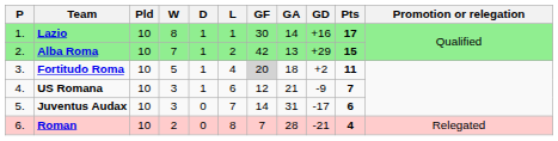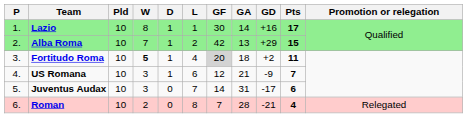 <table class="wikitable sortable" style="text-align: center;">
 <tr>
 <th width=33>P<br></th>
 <th>Team<br></th>
 <th width=33>Pld<br></th>
 <th width=33>W<br></th>
 <th width=33>D<br></th>
 <th width=33>L<br></th>
 <th width=33>GF<br></th>
 <th width=33>GA<br></th>
 <th width=33>GD<br></th>
 <th width=33>Pts<br></th>
 <th class="unsortable" width=250>Promotion or relegation<br></th>
 </tr>
 <tr style="background: #90EE90;">
 <td>1.</td>
 <td align="left"><strong><a href='#'>Lazio</a></strong></td>
 <td>10</td>
 <td>8</td>
 <td>1</td>
 <td>1</td>
 <td>30</td>
 <td>14</td>
 <td>+16</td>
 <td><strong>17</strong></td>
 <td rowspan="2">Qualified</td>
 </tr>
 <tr style="background: #90EE90;">
 <td>2.</td>
 <td align="left"><strong><a href='#'>Alba Roma</a></strong></td>
 <td>10</td>
 <td>7</td>
 <td>1</td>
 <td>2</td>
 <td>42</td>
 <td>13</td>
 <td>+29</td>
 <td><strong>15</strong></td>
 </tr>
 <tr>
 <td>3.</td>
 <td align="left"><strong><a href='#'>Fortitudo Roma</a></strong></td>
 <td>10</td>
-<td>5</td>
+<td><strong>5</strong></td>
 <td>1</td>
 <td>4</td>
 <td style="background: lightgrey;">20</td>
 <td>18</td>
 <td>+2</td>
 <td><strong>11</strong></td>
 </tr>
 <tr>
 <td>4.</td>
 <td align="left"><strong>US Romana</strong></td>
 <td>10</td>
 <td>3</td>
 <td>1</td>
 <td>6</td>
 <td>12</td>
 <td>21</td>
 <td>-9</td>
 <td><strong>7</strong></td>
 </tr>
 <tr>
 <td>5.</td>
 <td align="left"><strong>Juventus Audax</strong></td>
 <td>10</td>
 <td>3</td>
 <td>0</td>
 <td>7</td>
 <td>14</td>
 <td>31</td>
 <td>-17</td>
 <td><strong>6</strong></td>
 </tr>
 <tr style="background:#FFCCCC">
 <td>6.</td>
 <td align="left"><strong><a href='#'>Roman</a></strong></td>
 <td>10</td>
 <td>2</td>
 <td>0</td>
 <td>8</td>
 <td>7</td>
 <td>28</td>
 <td>-21</td>
 <td><strong>4</strong></td>
 <td>Relegated</td>
 </tr>
 </table>
